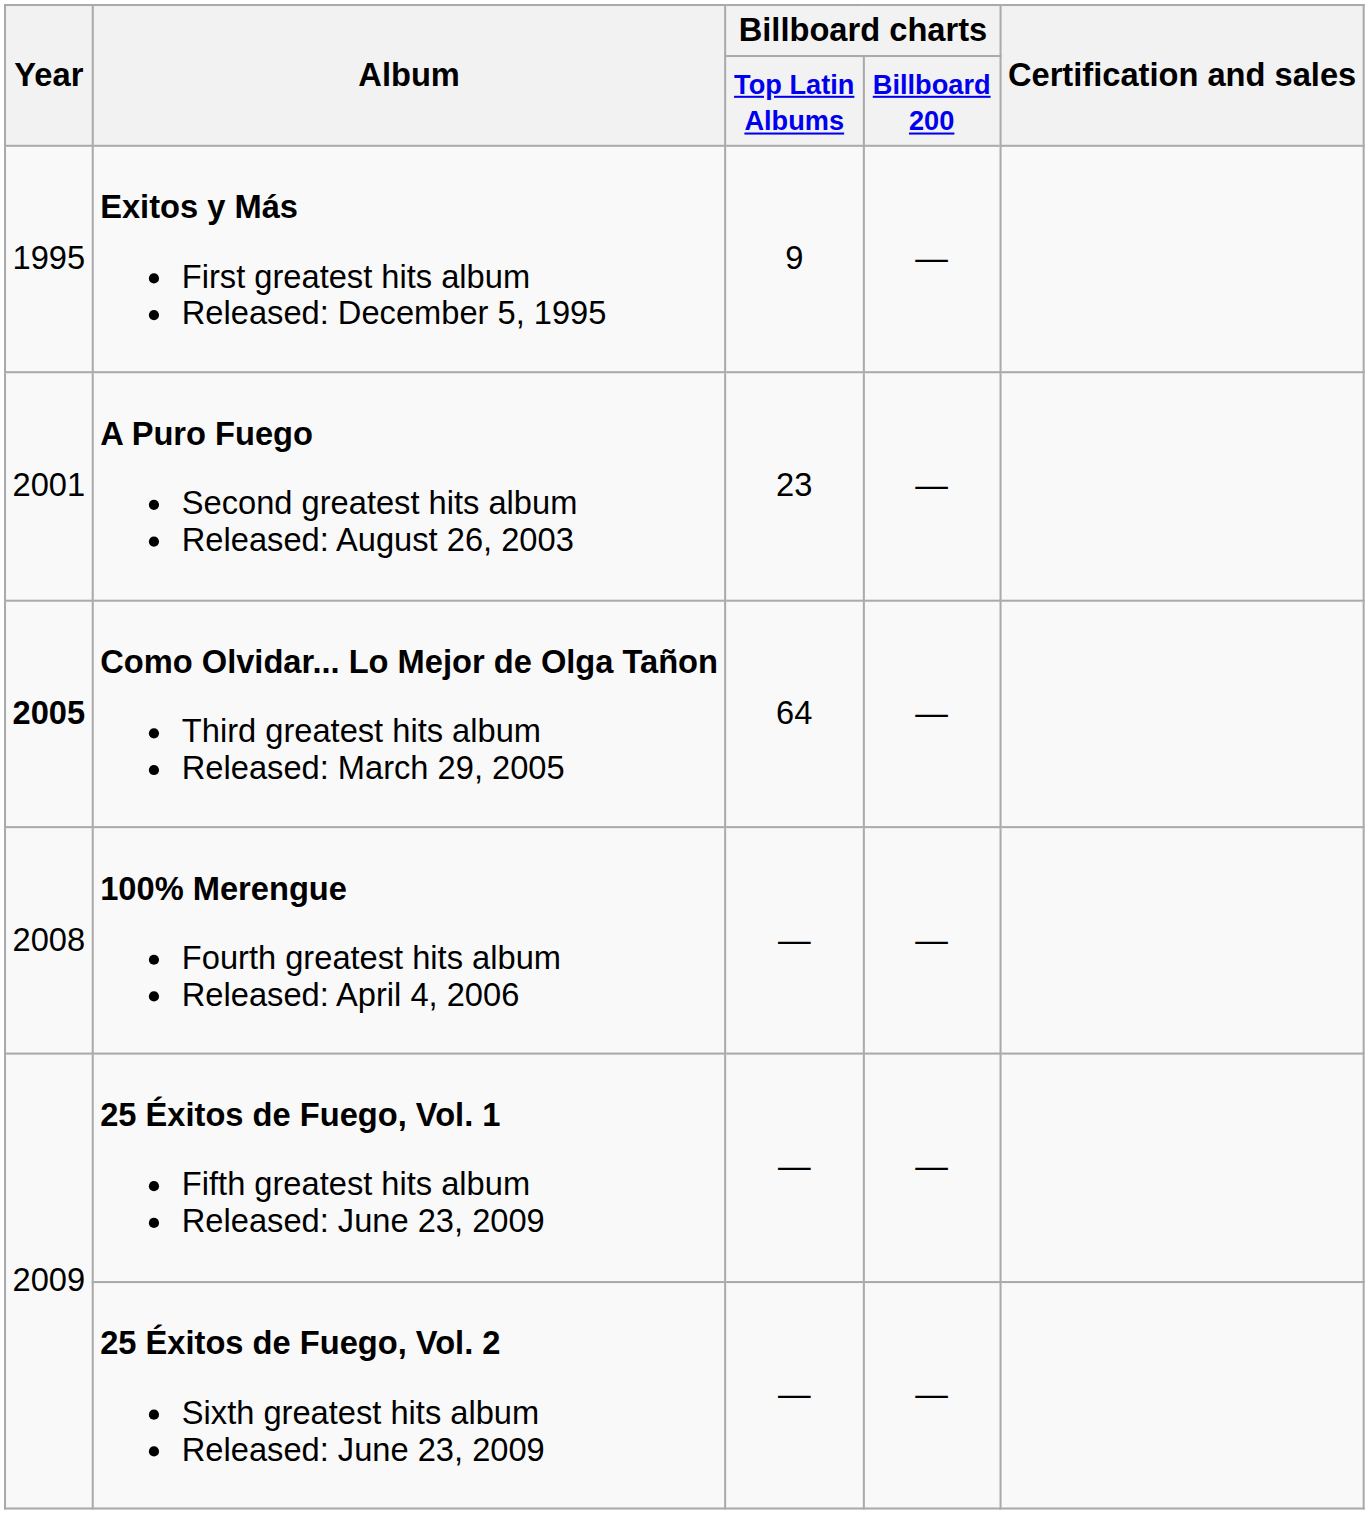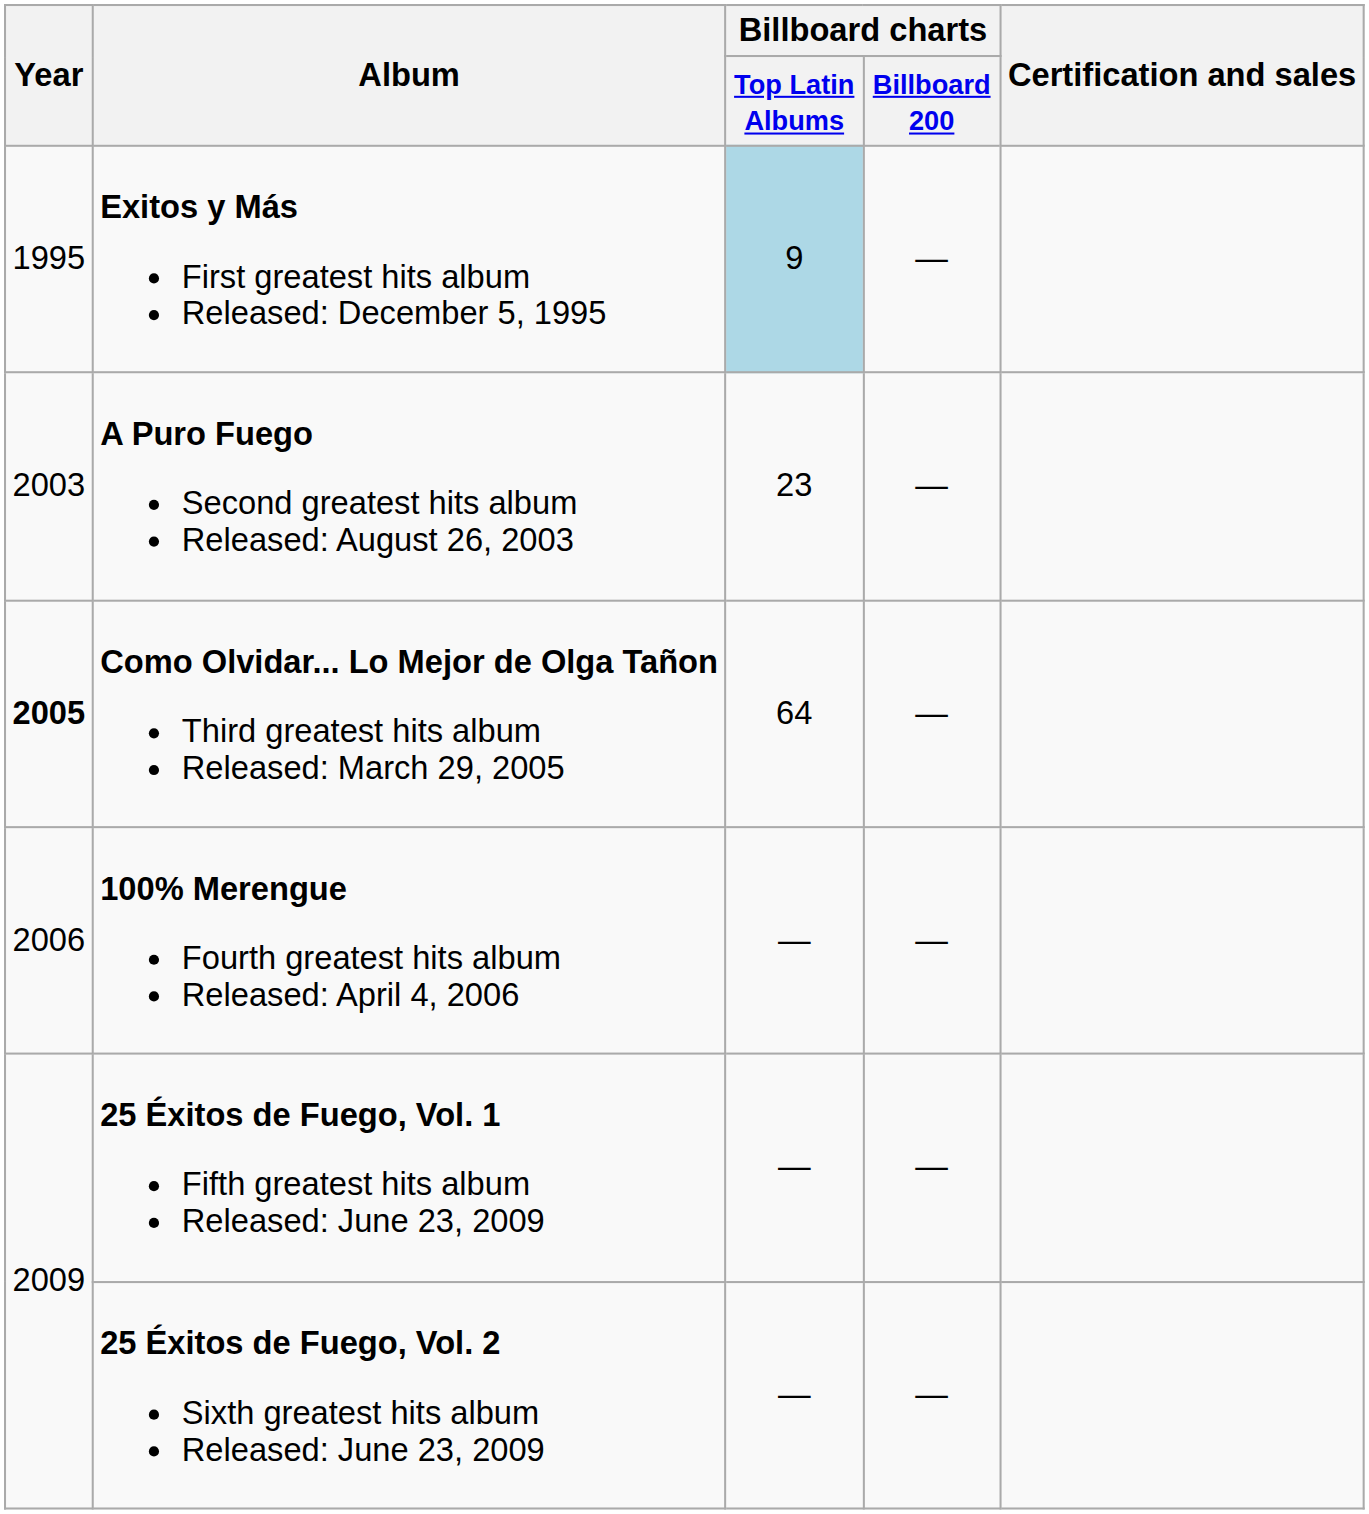 <table class="wikitable">
 <tr>
 <th rowspan="2">Year</th>
 <th rowspan="2">Album</th>
 <th colspan="2">Billboard charts</th>
 <th rowspan="2">Certification and sales</th>
 </tr>
 <tr>
 <th width="60"><small><a href='#'>Top Latin Albums</a></small></th>
 <th width="60"><small><a href='#'>Billboard 200</a></small></th>
 </tr>
 <tr>
 <td>1995</td>
 <td><br><strong>Exitos y Más</strong><ul><li>First greatest hits album</li><li>Released: December 5, 1995</li></ul></td>
-<td style="text-align:center;">9</td>
+<td style="background: lightblue; text-align:center;">9</td>
 <td style="text-align:center;">—</td>
 <td align="left"></td>
 </tr>
 <tr>
-<td>2001</td>
+<td>2003</td>
 <td><br><strong>A Puro Fuego</strong><ul><li>Second greatest hits album</li><li>Released: August 26, 2003</li></ul></td>
 <td style="text-align:center;">23</td>
 <td style="text-align:center;">—</td>
 <td align="left"></td>
 </tr>
 <tr>
 <td><strong>2005</strong></td>
 <td><br><strong>Como Olvidar... Lo Mejor de Olga Tañon</strong><ul><li>Third greatest hits album</li><li>Released: March 29, 2005</li></ul></td>
 <td style="text-align:center;">64</td>
 <td style="text-align:center;">—</td>
 <td align="left"></td>
 </tr>
 <tr>
-<td>2008</td>
+<td>2006</td>
 <td><br><strong>100% Merengue</strong><ul><li>Fourth greatest hits album</li><li>Released: April 4, 2006</li></ul></td>
 <td style="text-align:center;">—</td>
 <td style="text-align:center;">—</td>
 <td align="left"></td>
 </tr>
 <tr>
 <td rowspan="2">2009</td>
 <td><br><strong>25 Éxitos de Fuego, Vol. 1</strong><ul><li>Fifth greatest hits album</li><li>Released: June 23, 2009</li></ul></td>
 <td style="text-align:center;">—</td>
 <td style="text-align:center;">—</td>
 <td align="left"></td>
 </tr>
 <tr>
 <td><br><strong>25 Éxitos de Fuego, Vol. 2</strong><ul><li>Sixth greatest hits album</li><li>Released: June 23, 2009</li></ul></td>
 <td style="text-align:center;">—</td>
 <td style="text-align:center;">—</td>
 <td align="left"></td>
 </tr>
 </table>
